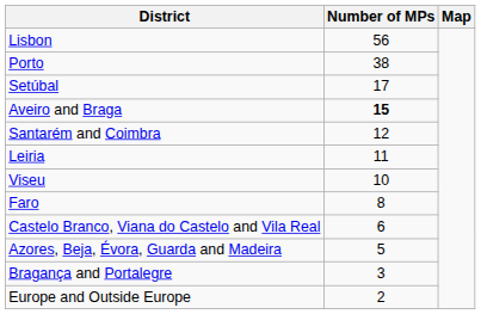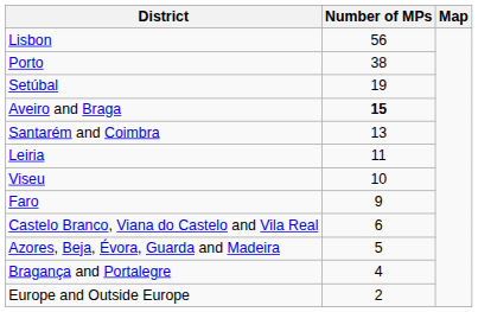 <table class="wikitable">
 <tr>
 <th>District</th>
 <th>Number of MPs</th>
 <th>Map</th>
 </tr>
 <tr>
 <td><a href='#'>Lisbon</a></td>
 <td style="text-align:center;">56</td>
 <td style="text-align:center;" rowspan="12"><br>                      </td>
 </tr>
 <tr>
 <td><a href='#'>Porto</a></td>
 <td style="text-align:center;">38</td>
 </tr>
 <tr>
 <td><a href='#'>Setúbal</a></td>
-<td style="text-align:center;">17</td>
+<td style="text-align:center;">19</td>
 </tr>
 <tr>
 <td><a href='#'>Aveiro</a> and <a href='#'>Braga</a></td>
 <td style="text-align:center;"><strong>15</strong></td>
 </tr>
 <tr>
 <td><a href='#'>Santarém</a> and <a href='#'>Coimbra</a></td>
-<td style="text-align:center;">12</td>
+<td style="text-align:center;">13</td>
 </tr>
 <tr>
 <td><a href='#'>Leiria</a></td>
 <td style="text-align:center;">11</td>
 </tr>
 <tr>
 <td><a href='#'>Viseu</a></td>
 <td style="text-align:center;">10</td>
 </tr>
 <tr>
 <td><a href='#'>Faro</a></td>
-<td style="text-align:center;">8</td>
+<td style="text-align:center;">9</td>
 </tr>
 <tr>
 <td><a href='#'>Castelo Branco</a>, <a href='#'>Viana do Castelo</a> and <a href='#'>Vila Real</a></td>
 <td style="text-align:center;">6</td>
 </tr>
 <tr>
 <td><a href='#'>Azores</a>, <a href='#'>Beja</a>, <a href='#'>Évora</a>, <a href='#'>Guarda</a> and <a href='#'>Madeira</a></td>
 <td style="text-align:center;">5</td>
 </tr>
 <tr>
 <td><a href='#'>Bragança</a> and <a href='#'>Portalegre</a></td>
-<td style="text-align:center;">3</td>
+<td style="text-align:center;">4</td>
 </tr>
 <tr>
 <td>Europe and Outside Europe</td>
 <td style="text-align:center;">2</td>
 </tr>
 </table>
